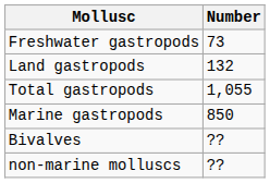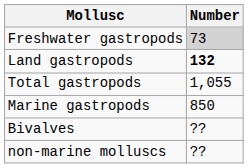 <table class="wikitable">
 <tr>
 <th>Mollusc</th>
 <th>Number</th>
 </tr>
 <tr>
 <td>Freshwater gastropods</td>
-<td>73</td>
+<td style="background: lightgrey;">73</td>
 </tr>
 <tr>
 <td>Land gastropods</td>
-<td>132</td>
+<td><strong>132</strong></td>
 </tr>
 <tr>
 <td>Total gastropods</td>
 <td>1,055</td>
 </tr>
 <tr>
 <td>Marine gastropods</td>
 <td>850</td>
 </tr>
 <tr>
 <td>Bivalves</td>
 <td>??</td>
 </tr>
 <tr>
 <td>non-marine molluscs</td>
 <td>??</td>
 </tr>
 </table>
